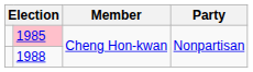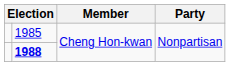 <table class="wikitable">
 <tr>
 <th colspan="2">Election</th>
 <th>Member</th>
 <th>Party</th>
 </tr>
 <tr>
 <td style="background-color: "></td>
-<td style="background: pink;"><a href='#'>1985</a></td>
+<td><a href='#'>1985</a></td>
 <td rowspan=2><a href='#'>Cheng Hon-kwan</a></td>
 <td rowspan=2><a href='#'>Nonpartisan</a></td>
 </tr>
 <tr>
 <td style="background-color: "></td>
-<td><a href='#'>1988</a></td>
+<td><strong><a href='#'>1988</a></strong></td>
 </tr>
 </table>
